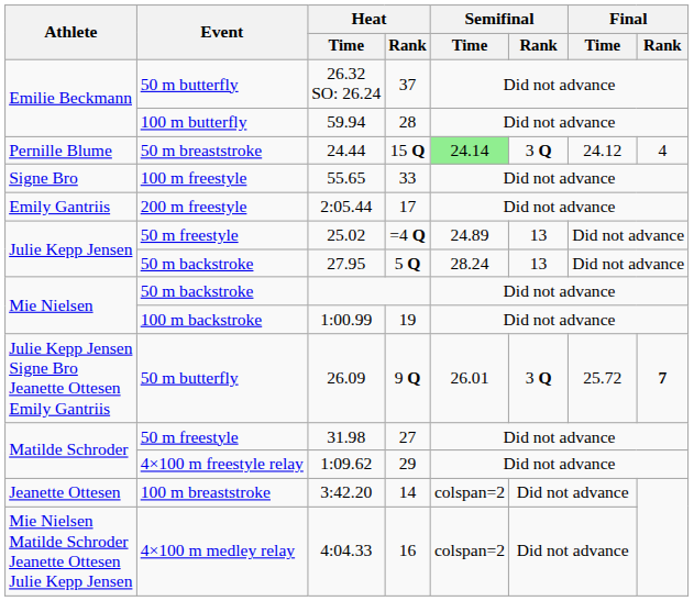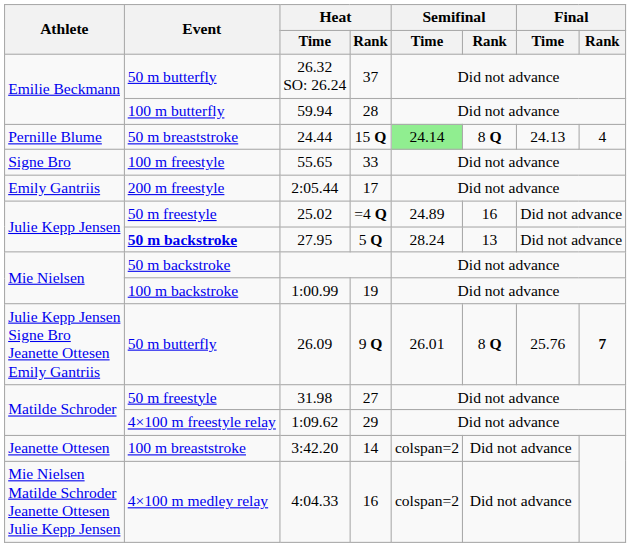 <table class="wikitable" style="text-align:center; font-size:90%">
 <tr>
 <th rowspan="2">Athlete</th>
 <th rowspan="2">Event</th>
 <th colspan="2">Heat</th>
 <th colspan="2">Semifinal</th>
 <th colspan="2">Final</th>
 </tr>
 <tr style="font-size:95%">
 <th>Time</th>
 <th>Rank</th>
 <th>Time</th>
 <th>Rank</th>
 <th>Time</th>
 <th>Rank</th>
 </tr>
 <tr>
 <td align=left rowspan=2><a href='#'>Emilie Beckmann</a></td>
 <td align=left><a href='#'>50 m butterfly</a></td>
 <td>26.32<br>SO: 26.24</td>
 <td>37</td>
 <td colspan=4>Did not advance</td>
 </tr>
 <tr>
 <td align=left><a href='#'>100 m butterfly</a></td>
 <td>59.94</td>
 <td>28</td>
 <td colspan=4>Did not advance</td>
 </tr>
 <tr>
 <td align=left><a href='#'>Pernille Blume</a></td>
 <td align=left><a href='#'>50 m breaststroke</a></td>
 <td>24.44</td>
 <td>15 <strong>Q</strong></td>
 <td style="background: lightgreen;">24.14</td>
-<td>3 <strong>Q</strong></td>
-<td>24.12</td>
+<td>8 <strong>Q</strong></td>
+<td>24.13</td>
 <td>4</td>
 </tr>
 <tr>
 <td align=left><a href='#'>Signe Bro</a></td>
 <td align=left><a href='#'>100 m freestyle</a></td>
 <td>55.65</td>
 <td>33</td>
 <td colspan=4>Did not advance</td>
 </tr>
 <tr>
 <td align=left><a href='#'>Emily Gantriis</a></td>
 <td align=left><a href='#'>200 m freestyle</a></td>
 <td>2:05.44</td>
 <td>17</td>
 <td colspan=4>Did not advance</td>
 </tr>
 <tr>
 <td align=left rowspan=2><a href='#'>Julie Kepp Jensen</a></td>
 <td align=left><a href='#'>50 m freestyle</a></td>
 <td>25.02</td>
 <td>=4 <strong>Q</strong></td>
 <td>24.89</td>
-<td>13</td>
+<td>16</td>
 <td colspan=2>Did not advance</td>
 </tr>
 <tr>
-<td align=left><a href='#'>50 m backstroke</a></td>
+<td align=left><strong><a href='#'>50 m backstroke</a></strong></td>
 <td>27.95</td>
 <td>5 <strong>Q</strong></td>
 <td>28.24</td>
 <td>13</td>
 <td colspan=2>Did not advance</td>
 </tr>
 <tr>
 <td align=left rowspan=2><a href='#'>Mie Nielsen</a></td>
 <td align=left><a href='#'>50 m backstroke</a></td>
 <td colspan=2></td>
 <td colspan=4>Did not advance</td>
 </tr>
 <tr>
 <td align=left><a href='#'>100 m backstroke</a></td>
 <td>1:00.99</td>
 <td>19</td>
 <td colspan=4>Did not advance</td>
 </tr>
 <tr>
 <td align=left><a href='#'>Julie Kepp Jensen</a><br><a href='#'>Signe Bro</a><br><a href='#'>Jeanette Ottesen</a><br><a href='#'>Emily Gantriis</a></td>
 <td align=left><a href='#'>50 m butterfly</a></td>
 <td>26.09</td>
 <td>9 <strong>Q</strong></td>
 <td>26.01</td>
-<td>3 <strong>Q</strong></td>
-<td>25.72</td>
+<td>8 <strong>Q</strong></td>
+<td>25.76</td>
 <td><strong>7</strong></td>
 </tr>
 <tr>
 <td align=left rowspan=2><a href='#'>Matilde Schroder</a></td>
 <td align=left><a href='#'>50 m freestyle</a></td>
 <td>31.98</td>
 <td>27</td>
 <td colspan=4>Did not advance</td>
 </tr>
 <tr>
 <td align=left><a href='#'>4×100 m freestyle relay</a></td>
 <td>1:09.62</td>
 <td>29</td>
 <td colspan=4>Did not advance</td>
 </tr>
 <tr>
 <td align=left><a href='#'>Jeanette Ottesen</a></td>
 <td align=left><a href='#'>100 m breaststroke</a></td>
 <td>3:42.20</td>
 <td>14</td>
 <td>colspan=2 </td>
 <td colspan=2>Did not advance</td>
 </tr>
 <tr>
 <td align=left><a href='#'>Mie Nielsen</a><br><a href='#'>Matilde Schroder</a><br><a href='#'>Jeanette Ottesen</a><br><a href='#'>Julie Kepp Jensen</a></td>
 <td align=left><a href='#'>4×100 m medley relay</a></td>
 <td>4:04.33</td>
 <td>16</td>
 <td>colspan=2 </td>
 <td colspan=2>Did not advance</td>
 </tr>
 </table>
